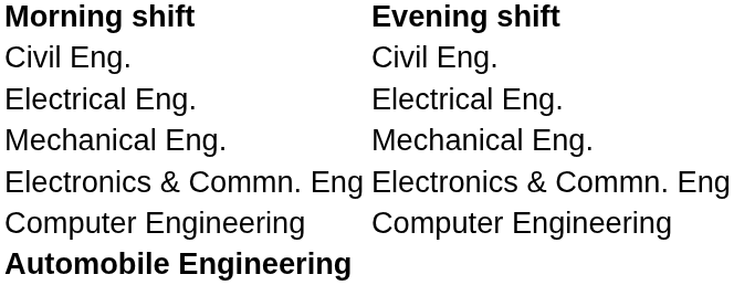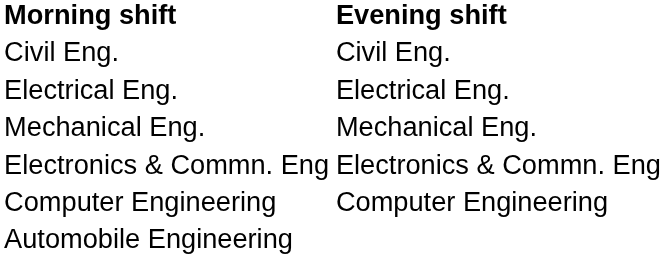 <table>
 <tr>
 <td><strong>Morning shift</strong></td>
 <td><strong>Evening shift</strong></td>
 </tr>
 <tr>
 <td>Civil Eng.</td>
 <td>Civil Eng.</td>
 </tr>
 <tr>
 <td>Electrical Eng.</td>
 <td>Electrical Eng.</td>
 </tr>
 <tr>
 <td>Mechanical Eng.</td>
 <td>Mechanical Eng.</td>
 </tr>
 <tr>
 <td>Electronics & Commn. Eng</td>
 <td>Electronics & Commn. Eng</td>
 </tr>
 <tr>
 <td>Computer Engineering</td>
 <td>Computer Engineering</td>
 </tr>
 <tr>
-<td><strong>Automobile Engineering</strong></td>
+<td>Automobile Engineering</td>
 </tr>
 </table>
